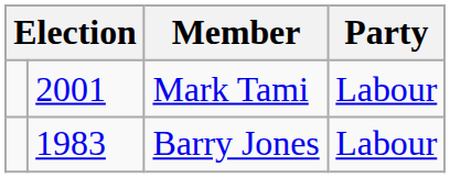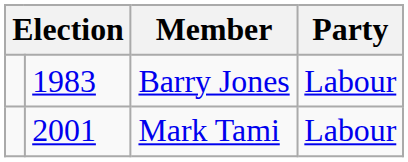 <table class="wikitable">
 <tr>
 <th colspan="2">Election</th>
 <th>Member</th>
 <th>Party</th>
 </tr>
 <tr>
 <td style="color:inherit;background-color: "></td>
+<td><a href='#'>1983</a></td>
+<td><a href='#'>Barry Jones</a></td>
+<td><a href='#'>Labour</a></td>
+</tr>
+<tr>
+<td style="color:inherit;background-color: "></td>
 <td><a href='#'>2001</a></td>
 <td><a href='#'>Mark Tami</a></td>
 <td><a href='#'>Labour</a></td>
 </tr>
-<tr>
-<td style="color:inherit;background-color: "></td>
-<td><a href='#'>1983</a></td>
-<td><a href='#'>Barry Jones</a></td>
-<td><a href='#'>Labour</a></td>
-</tr>
 </table>
